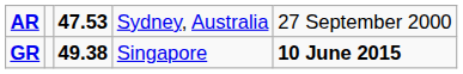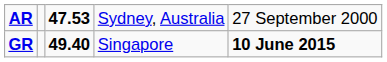 <table class="wikitable" style="font-size:95%; position:relative;">
 <tr>
 <td align=center><strong><a href='#'>AR</a></strong></td>
 <td></td>
 <td><strong>47.53</strong></td>
 <td><a href='#'>Sydney</a>, <a href='#'>Australia</a></td>
 <td>27 September 2000</td>
 </tr>
 <tr>
 <td align=center><strong><a href='#'>GR</a></strong></td>
 <td></td>
-<td><strong>49.38</strong></td>
+<td><strong>49.40</strong></td>
 <td><a href='#'>Singapore</a></td>
 <td><strong>10 June 2015</strong></td>
 </tr>
 </table>
